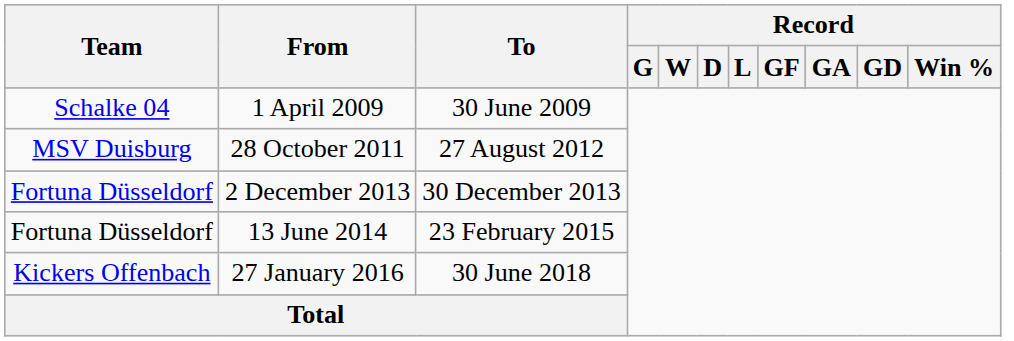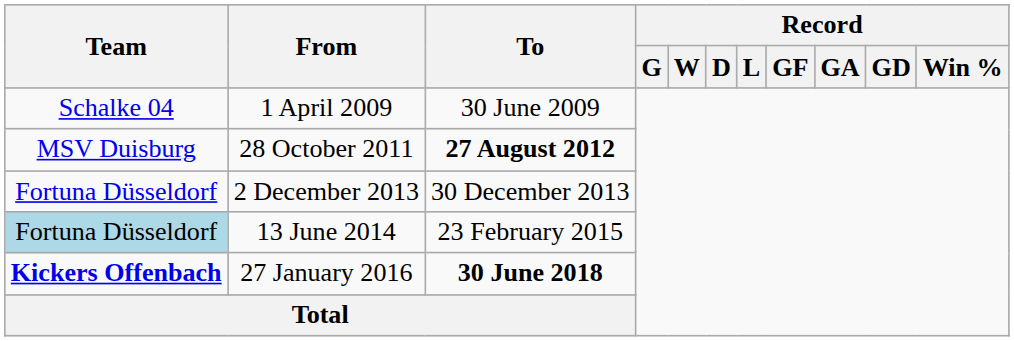 <table class="wikitable" style="text-align: center">
 <tr>
 <th rowspan="2">Team</th>
 <th rowspan="2">From</th>
 <th rowspan="2">To</th>
 <th colspan="8">Record</th>
 </tr>
 <tr>
 <th>G</th>
 <th>W</th>
 <th>D</th>
 <th>L</th>
 <th>GF</th>
 <th>GA</th>
 <th>GD</th>
 <th>Win %</th>
 </tr>
 <tr>
 <td><a href='#'>Schalke 04</a></td>
 <td>1 April 2009</td>
 <td>30 June 2009<br></td>
 </tr>
 <tr>
 <td><a href='#'>MSV Duisburg</a></td>
 <td>28 October 2011</td>
-<td>27 August 2012<br></td>
+<td><strong>27 August 2012<br></strong></td>
 </tr>
 <tr>
 <td><a href='#'>Fortuna Düsseldorf</a></td>
 <td>2 December 2013</td>
 <td>30 December 2013<br></td>
 </tr>
 <tr>
-<td>Fortuna Düsseldorf</td>
+<td style="background: lightblue;">Fortuna Düsseldorf</td>
 <td>13 June 2014</td>
 <td>23 February 2015<br></td>
 </tr>
 <tr>
-<td><a href='#'>Kickers Offenbach</a></td>
+<td><strong><a href='#'>Kickers Offenbach</a></strong></td>
 <td>27 January 2016</td>
-<td>30 June 2018<br></td>
+<td><strong>30 June 2018<br></strong></td>
 </tr>
 <tr>
 <th colspan="3">Total<br></th>
 </tr>
 </table>
